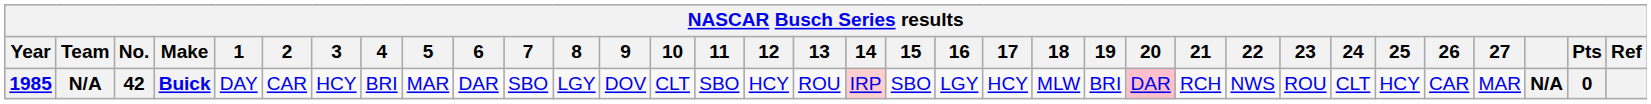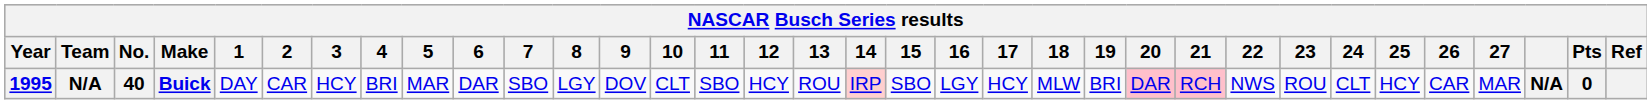 <table class="wikitable" style="text-align:center; font-size:75%">
 <tr>
 <th colspan=42><a href='#'>NASCAR</a> <a href='#'>Busch Series</a> results</th>
 </tr>
 <tr>
 <th>Year</th>
 <th>Team</th>
 <th>No.</th>
 <th>Make</th>
 <th>1</th>
 <th>2</th>
 <th>3</th>
 <th>4</th>
 <th>5</th>
 <th>6</th>
 <th>7</th>
 <th>8</th>
 <th>9</th>
 <th>10</th>
 <th>11</th>
 <th>12</th>
 <th>13</th>
 <th>14</th>
 <th>15</th>
 <th>16</th>
 <th>17</th>
 <th>18</th>
 <th>19</th>
 <th>20</th>
 <th>21</th>
 <th>22</th>
 <th>23</th>
 <th>24</th>
 <th>25</th>
 <th>26</th>
 <th>27</th>
 <th></th>
 <th>Pts</th>
 <th>Ref</th>
 </tr>
 <tr>
-<th><a href='#'>1985</a></th>
+<th><a href='#'>1995</a></th>
 <th>N/A</th>
-<th>42</th>
+<th>40</th>
 <th><a href='#'>Buick</a></th>
 <td><a href='#'>DAY</a></td>
 <td><a href='#'>CAR</a></td>
 <td><a href='#'>HCY</a></td>
 <td><a href='#'>BRI</a></td>
 <td><a href='#'>MAR</a></td>
 <td><a href='#'>DAR</a></td>
 <td><a href='#'>SBO</a></td>
 <td><a href='#'>LGY</a></td>
 <td><a href='#'>DOV</a></td>
 <td><a href='#'>CLT</a></td>
 <td><a href='#'>SBO</a></td>
 <td><a href='#'>HCY</a></td>
 <td><a href='#'>ROU</a></td>
 <td style="background:#FFCFCF;"><a href='#'>IRP</a><br></td>
 <td><a href='#'>SBO</a></td>
 <td><a href='#'>LGY</a></td>
 <td><a href='#'>HCY</a></td>
 <td><a href='#'>MLW</a></td>
 <td><a href='#'>BRI</a></td>
 <td style="background: pink;"><a href='#'>DAR</a></td>
-<td><a href='#'>RCH</a></td>
+<td style="background: pink;"><a href='#'>RCH</a></td>
 <td><a href='#'>NWS</a></td>
 <td><a href='#'>ROU</a></td>
 <td><a href='#'>CLT</a></td>
 <td><a href='#'>HCY</a></td>
 <td><a href='#'>CAR</a></td>
 <td><a href='#'>MAR</a></td>
 <th>N/A</th>
 <th>0</th>
 <th></th>
 </tr>
 </table>
